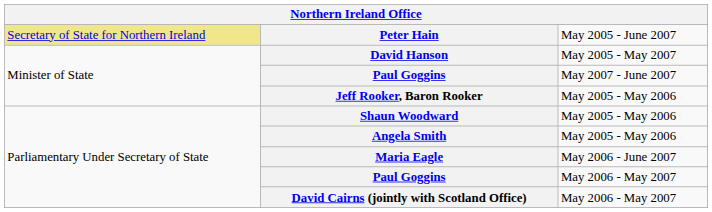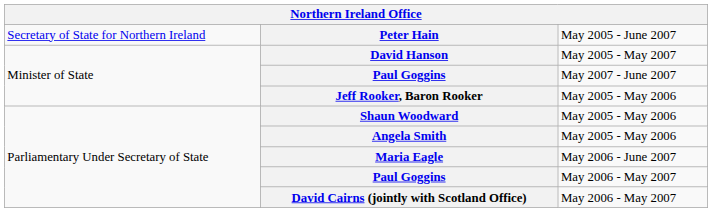 <table class="wikitable plainrowheaders" width=100% style="max-width:55em;">
 <tr>
 <th colspan=4><a href='#'>Northern Ireland Office</a></th>
 </tr>
 <tr>
-<td style="background: khaki;"><a href='#'>Secretary of State for Northern Ireland</a></td>
+<td><a href='#'>Secretary of State for Northern Ireland</a></td>
 <th scope="row" style="font-weight:bold;"><a href='#'>Peter Hain</a></th>
 <td>May 2005 - June 2007</td>
 </tr>
 <tr>
 <td rowspan="3">Minister of State</td>
 <th scope="row"><a href='#'>David Hanson</a></th>
 <td>May 2005 - May 2007</td>
 </tr>
 <tr>
 <th scope="row"><a href='#'>Paul Goggins</a></th>
 <td>May 2007 - June 2007</td>
 </tr>
 <tr>
 <th scope="row"><a href='#'>Jeff Rooker</a>, Baron Rooker</th>
 <td>May 2005 - May 2006</td>
 </tr>
 <tr>
 <td rowspan="5">Parliamentary Under Secretary of State</td>
 <th scope="row"><a href='#'>Shaun Woodward</a></th>
 <td>May 2005 - May 2006</td>
 </tr>
 <tr>
 <th scope="row"><a href='#'>Angela Smith</a></th>
 <td>May 2005 - May 2006</td>
 </tr>
 <tr>
 <th scope="row"><a href='#'>Maria Eagle</a></th>
 <td>May 2006 - June 2007</td>
 </tr>
 <tr>
 <th scope="row"><a href='#'>Paul Goggins</a></th>
 <td>May 2006 - May 2007</td>
 </tr>
 <tr>
 <th scope="row"><a href='#'>David Cairns</a> (jointly with Scotland Office)</th>
 <td>May 2006 - May 2007</td>
 </tr>
 </table>
